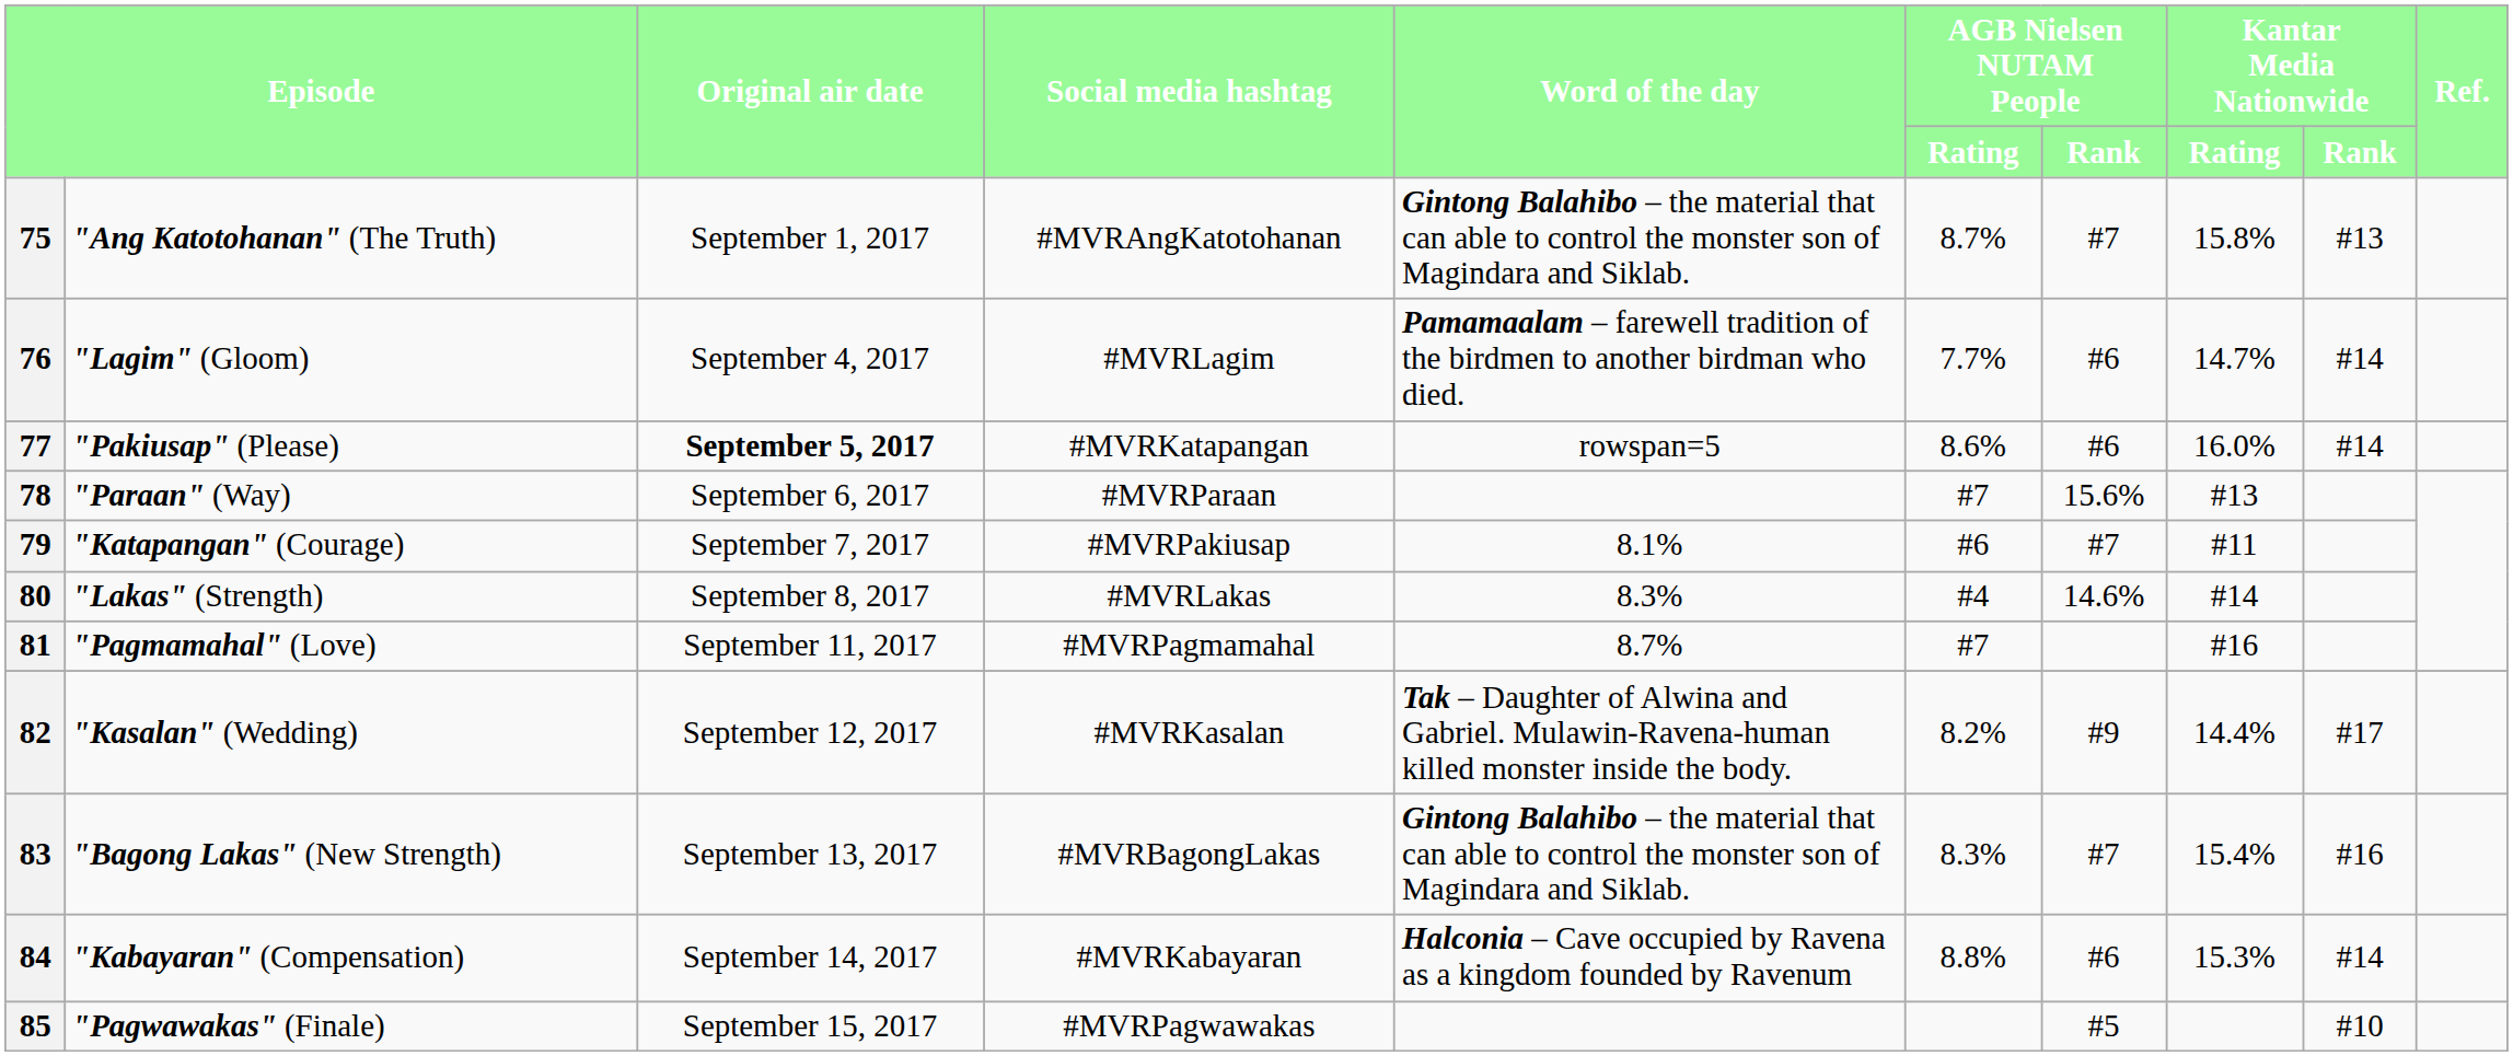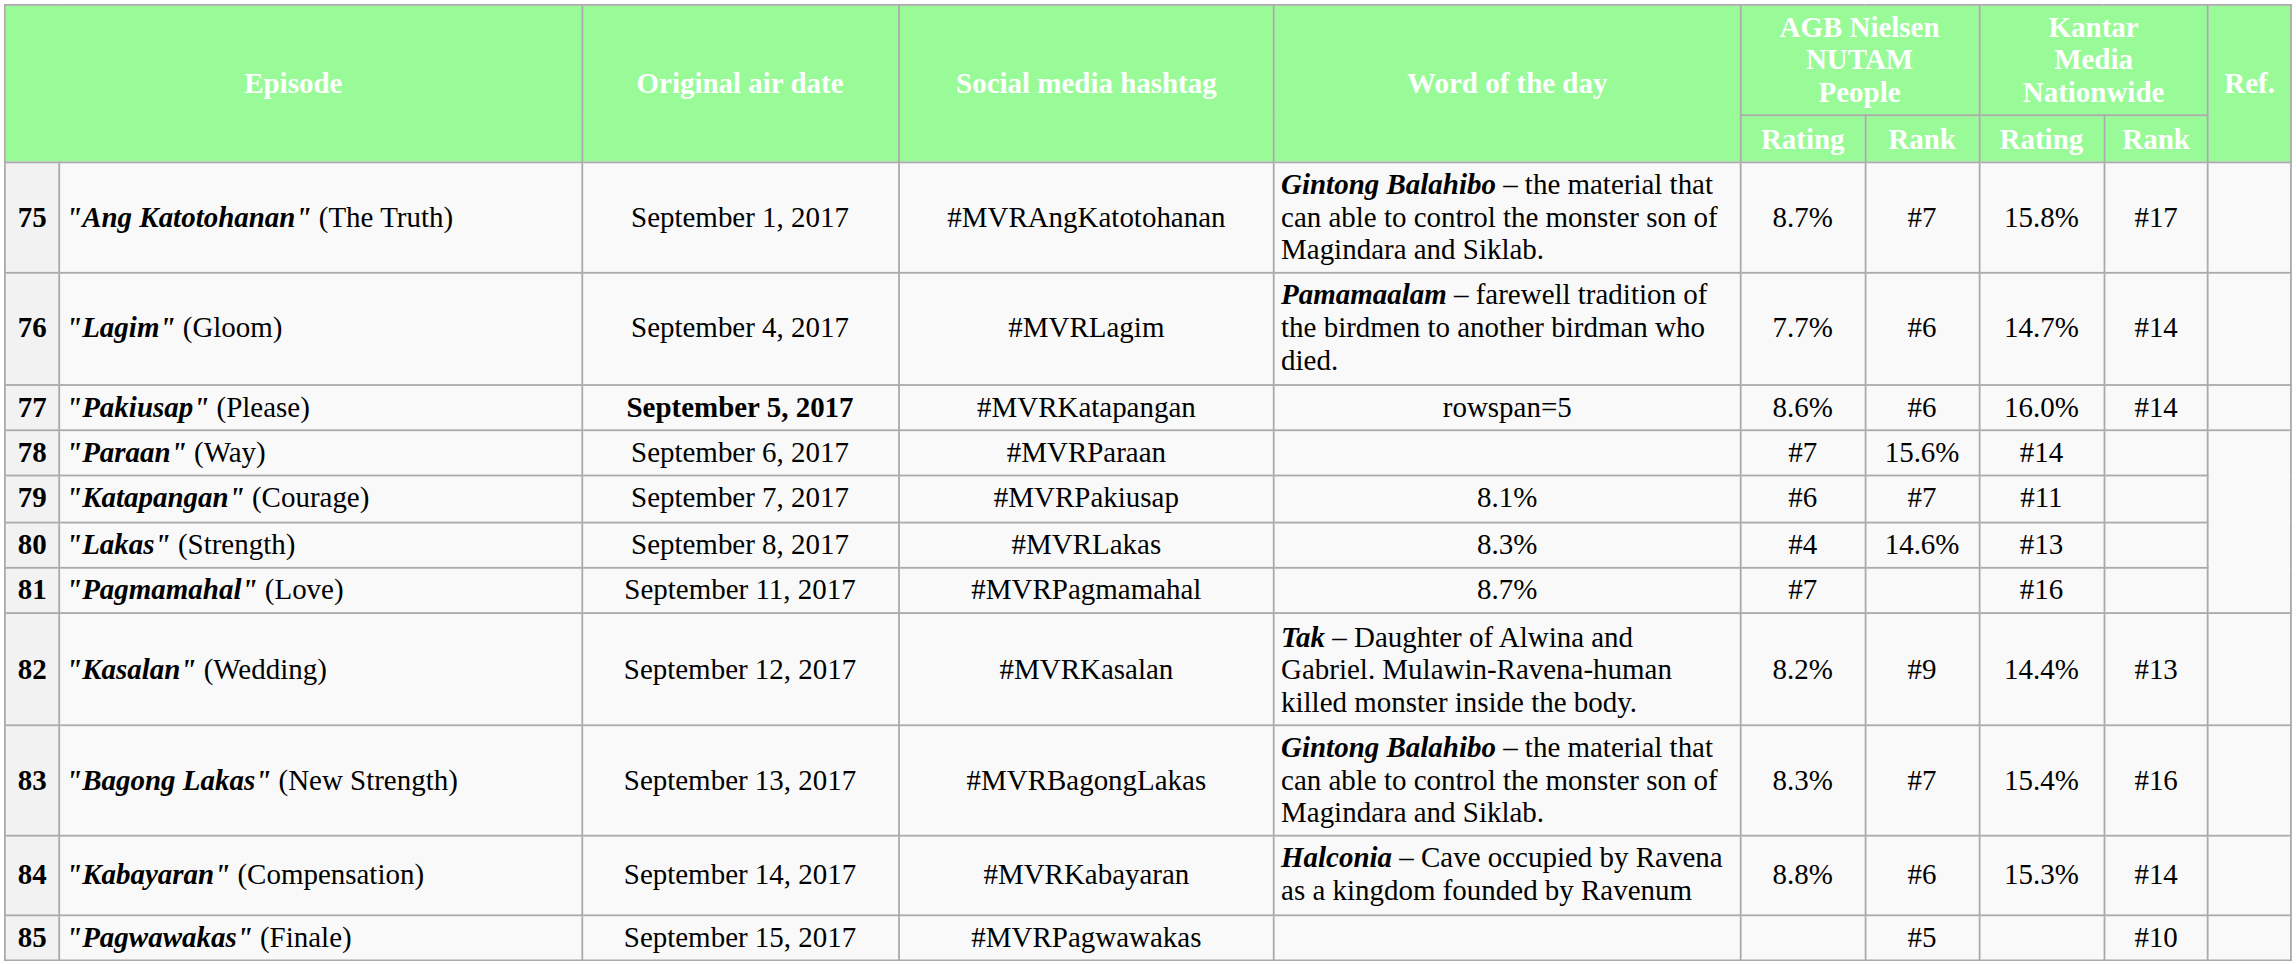 <table class="wikitable" style="text-align:center; font-size:100%; line-height:18px;"  width="100%">
 <tr>
 <th colspan="2" rowspan="2" style="background:#98FB98; color:#ffffff">Episode</th>
 <th rowspan="2" style="background:#98FB98; color:#ffffff">Original air date</th>
 <th rowspan="2" style="background:#98FB98; color:#ffffff">Social media hashtag</th>
 <th rowspan="2" style="background:#98FB98; width:250px; color:#ffffff">Word of the day</th>
 <th colspan="2" style="background:#98FB98; color:#ffffff">AGB Nielsen<br>NUTAM<br>People</th>
 <th colspan="2" style="background:#98FB98; color:#ffffff">Kantar<br>Media<br>Nationwide</th>
 <th rowspan="2" style="background:#98FB98; color:#ffffff">Ref.</th>
 </tr>
 <tr>
 <th style="background-color:#98FB98; color:#ffffff;">Rating</th>
 <th style="background-color:#98FB98; color:#ffffff;">Rank</th>
 <th style="background-color:#98FB98; color:#ffffff;">Rating</th>
 <th style="background-color:#98FB98; color:#ffffff;">Rank</th>
 </tr>
 <tr>
 <th>75</th>
 <td style="text-align: left;"><strong><em>"Ang Katotohanan"</em></strong> (The Truth)</td>
 <td>September 1, 2017</td>
 <td>#MVRAngKatotohanan</td>
 <td style="text-align: left;"><strong><em>Gintong Balahibo</em></strong> – the material that can able to control the monster son of Magindara and Siklab.</td>
 <td>8.7%</td>
 <td>#7</td>
 <td>15.8%</td>
-<td>#13</td>
+<td>#17</td>
 <td></td>
 </tr>
 <tr>
 <th>76</th>
 <td style="text-align: left;"><strong><em>"Lagim"</em></strong> (Gloom)</td>
 <td>September 4, 2017</td>
 <td>#MVRLagim</td>
 <td style="text-align: left;"><strong><em>Pamamaalam</em></strong> – farewell tradition of the birdmen to another birdman who died.</td>
 <td>7.7%</td>
 <td>#6</td>
 <td>14.7%</td>
 <td>#14</td>
 <td></td>
 </tr>
 <tr>
 <th>77</th>
 <td style="text-align: left;"><strong><em>"Pakiusap"</em></strong> (Please)</td>
 <td><strong>September 5, 2017</strong></td>
 <td>#MVRKatapangan</td>
 <td>rowspan=5 </td>
 <td>8.6%</td>
 <td>#6</td>
 <td>16.0%</td>
 <td>#14</td>
 <td></td>
 </tr>
 <tr>
 <th>78</th>
 <td style="text-align: left;"><strong><em>"Paraan"</em></strong> (Way)</td>
 <td>September 6, 2017</td>
 <td>#MVRParaan</td>
 <td></td>
 <td>#7</td>
 <td>15.6%</td>
-<td>#13</td>
+<td>#14</td>
 <td></td>
 </tr>
 <tr>
 <th>79</th>
 <td style="text-align: left;"><strong><em>"Katapangan"</em></strong> (Courage)</td>
 <td>September 7, 2017</td>
 <td>#MVRPakiusap</td>
 <td>8.1%</td>
 <td>#6</td>
 <td>#7</td>
 <td>#11</td>
 <td></td>
 </tr>
 <tr>
 <th>80</th>
 <td style="text-align: left;"><strong><em>"Lakas"</em></strong> (Strength)</td>
 <td>September 8, 2017</td>
 <td>#MVRLakas</td>
 <td>8.3%</td>
 <td>#4</td>
 <td>14.6%</td>
-<td>#14</td>
+<td>#13</td>
 <td></td>
 </tr>
 <tr>
 <th>81</th>
 <td style="text-align: left;"><strong><em>"Pagmamahal"</em></strong> (Love)</td>
 <td>September 11, 2017</td>
 <td>#MVRPagmamahal</td>
 <td>8.7%</td>
 <td>#7</td>
 <td></td>
 <td>#16</td>
 <td></td>
 </tr>
 <tr>
 <th>82</th>
 <td style="text-align: left;"><strong><em>"Kasalan"</em></strong> (Wedding)</td>
 <td>September 12, 2017</td>
 <td>#MVRKasalan</td>
 <td style="text-align: left;"><strong><em>Tak</em></strong> – Daughter of Alwina and Gabriel. Mulawin-Ravena-human killed monster inside the body.</td>
 <td>8.2%</td>
 <td>#9</td>
 <td>14.4%</td>
-<td>#17</td>
+<td>#13</td>
 <td></td>
 </tr>
 <tr>
 <th>83</th>
 <td style="text-align: left;"><strong><em>"Bagong Lakas"</em></strong> (New Strength)</td>
 <td>September 13, 2017</td>
 <td>#MVRBagongLakas</td>
 <td style="text-align: left;"><strong><em>Gintong Balahibo</em></strong>  – the material that can able to control the monster son of Magindara and Siklab.</td>
 <td>8.3%</td>
 <td>#7</td>
 <td>15.4%</td>
 <td>#16</td>
 <td></td>
 </tr>
 <tr>
 <th>84</th>
 <td style="text-align: left;"><strong><em>"Kabayaran"</em></strong> (Compensation)</td>
 <td>September 14, 2017</td>
 <td>#MVRKabayaran</td>
 <td style="text-align: left;"><strong><em>Halconia</em></strong> – Cave occupied by Ravena as a kingdom founded by Ravenum</td>
 <td>8.8%</td>
 <td>#6</td>
 <td>15.3%</td>
 <td>#14</td>
 <td></td>
 </tr>
 <tr>
 <th>85</th>
 <td style="text-align: left;"><strong><em>"Pagwawakas"</em></strong> (Finale)</td>
 <td>September 15, 2017</td>
 <td>#MVRPagwawakas</td>
 <td></td>
 <td></td>
 <td>#5</td>
 <td></td>
 <td>#10</td>
 <td></td>
 </tr>
 <tr>
 </tr>
 </table>
